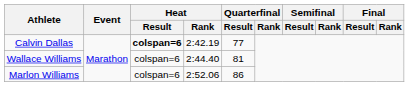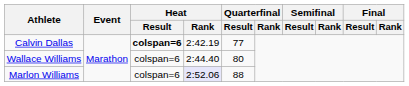 <table class="wikitable" style="font-size:90%">
 <tr>
 <th rowspan="2">Athlete</th>
 <th rowspan="2">Event</th>
 <th colspan="2">Heat</th>
 <th colspan="2">Quarterfinal</th>
 <th colspan="2">Semifinal</th>
 <th colspan="2">Final</th>
 </tr>
 <tr style="font-size:95%">
 <th>Result</th>
 <th>Rank</th>
 <th>Result</th>
 <th>Rank</th>
 <th>Result</th>
 <th>Rank</th>
 <th>Result</th>
 <th>Rank</th>
 </tr>
 <tr align=center>
 <td><a href='#'>Calvin Dallas</a></td>
 <td rowspan=3><a href='#'>Marathon</a></td>
 <td><strong>colspan=6 </strong></td>
 <td>2:42.19</td>
 <td>77</td>
 </tr>
 <tr align=center>
 <td><a href='#'>Wallace Williams</a></td>
 <td>colspan=6 </td>
 <td>2:44.40</td>
-<td>81</td>
+<td>80</td>
 </tr>
 <tr align=center>
 <td><a href='#'>Marlon Williams</a></td>
 <td>colspan=6 </td>
-<td>2:52.06</td>
-<td>86</td>
+<td style="background: lavender;">2:52.06</td>
+<td>88</td>
 </tr>
 </table>
